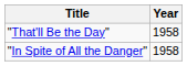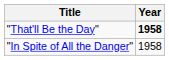 <table class="wikitable">
 <tr>
 <th>Title</th>
 <th>Year</th>
 </tr>
 <tr>
 <td>"<a href='#'>That'll Be the Day</a>"</td>
-<td>1958</td>
+<td><strong>1958</strong></td>
 </tr>
 <tr>
 <td>"<a href='#'>In Spite of All the Danger</a>"</td>
 <td>1958</td>
 </tr>
 </table>
